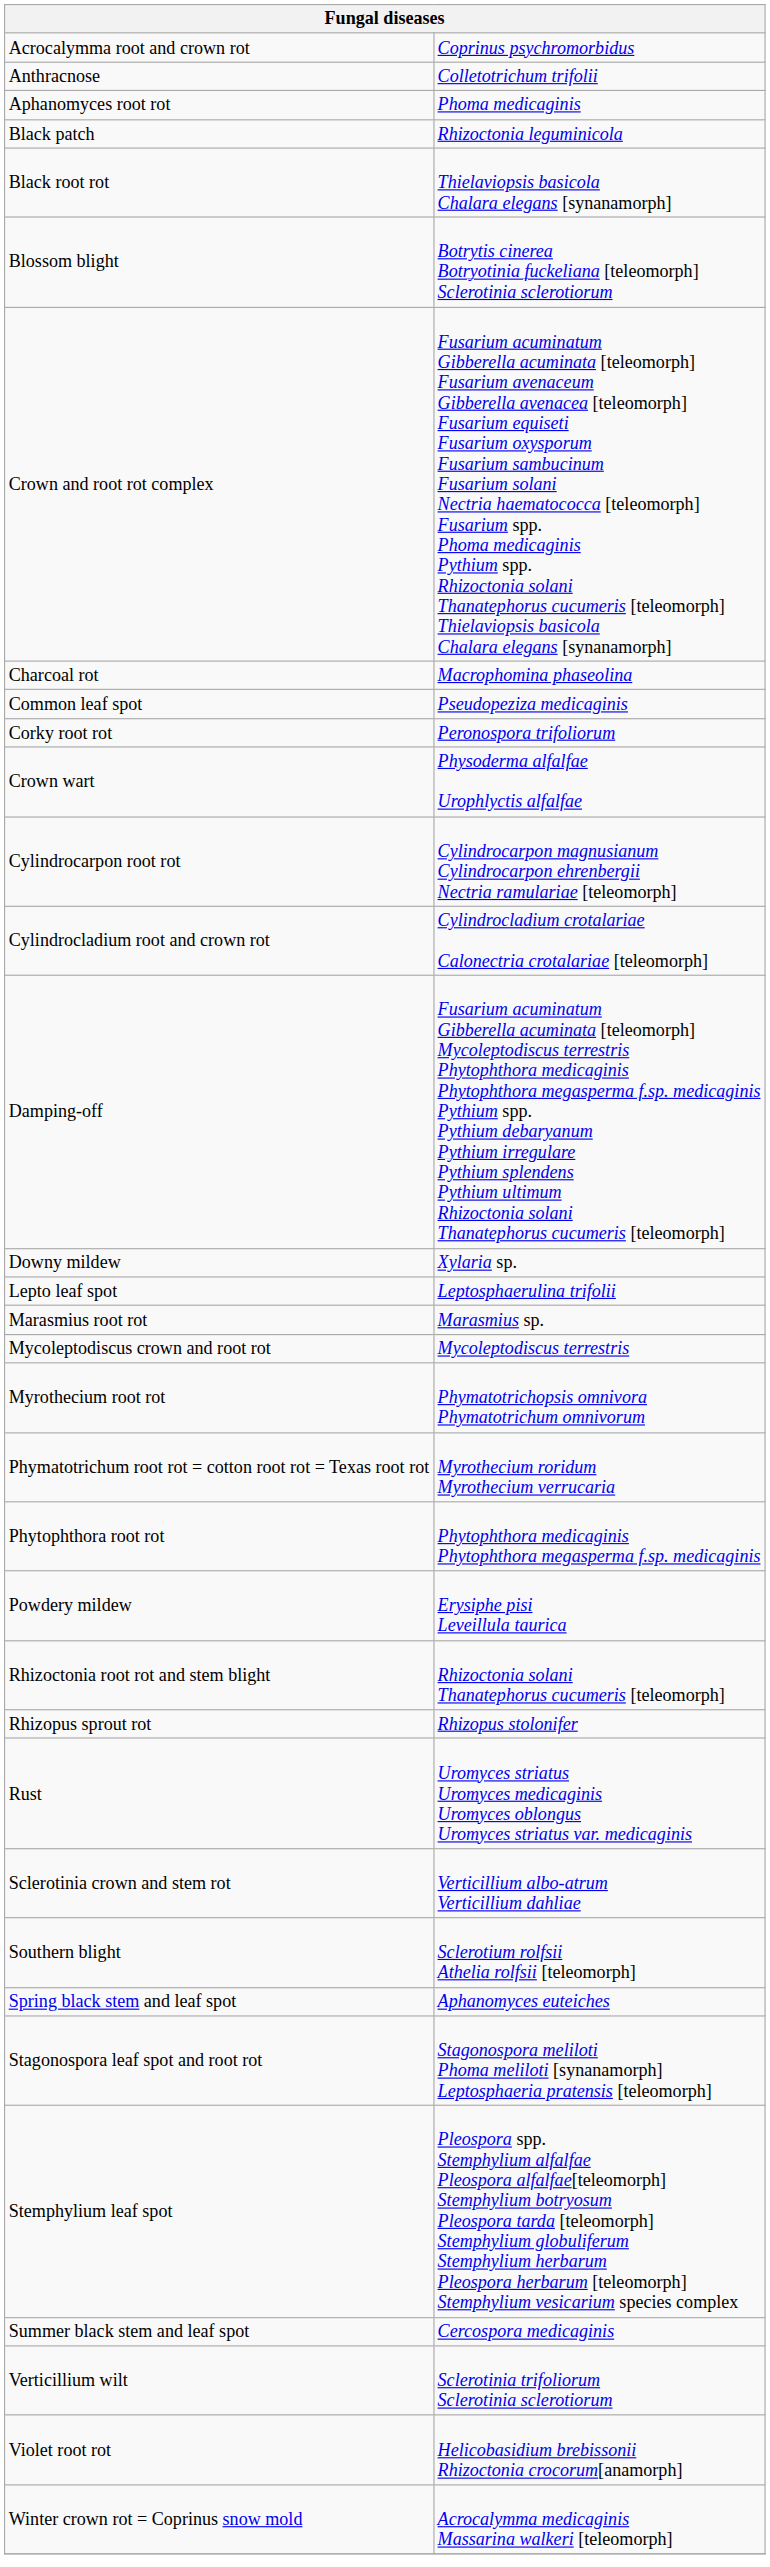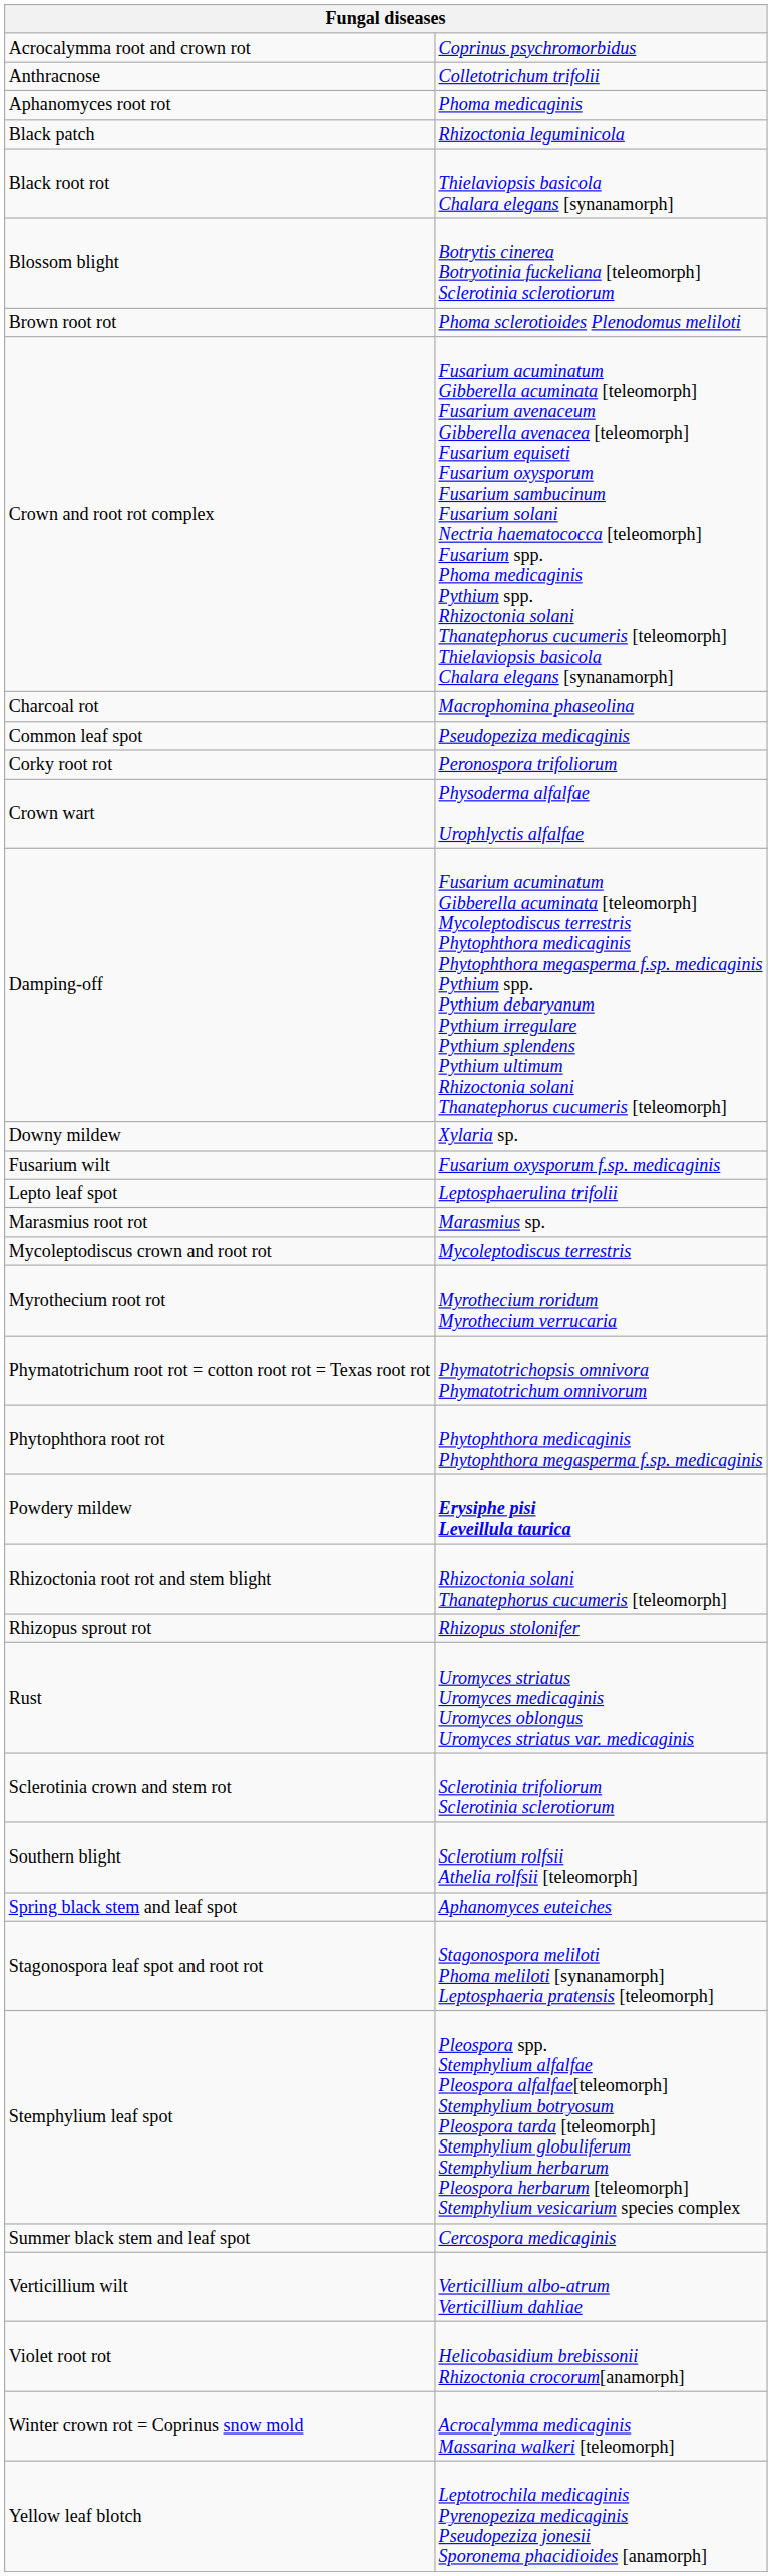 <table class="wikitable" style="clear">
 <tr>
 <th colspan=2><strong>Fungal diseases</strong><br></th>
 </tr>
 <tr>
 <td>Acrocalymma root and crown rot</td>
 <td><em><a href='#'>Coprinus psychromorbidus</a></em></td>
 </tr>
 <tr>
 <td>Anthracnose</td>
 <td><em><a href='#'>Colletotrichum trifolii</a></em></td>
 </tr>
 <tr>
 <td>Aphanomyces root rot</td>
 <td><em><a href='#'>Phoma medicaginis</a></em></td>
 </tr>
 <tr>
 <td>Black patch</td>
 <td><em><a href='#'>Rhizoctonia leguminicola</a></em></td>
 </tr>
 <tr>
 <td>Black root rot</td>
 <td><br><em><a href='#'>Thielaviopsis basicola</a></em><br> <em><a href='#'>Chalara elegans</a></em> [synanamorph]</td>
 </tr>
 <tr>
 <td>Blossom blight</td>
 <td><br><em><a href='#'>Botrytis cinerea</a></em> <br> <em><a href='#'>Botryotinia fuckeliana</a></em> [teleomorph] <br> <em><a href='#'>Sclerotinia sclerotiorum</a></em></td>
 </tr>
 <tr>
+<td>Brown root rot</td>
+<td><em><a href='#'>Phoma sclerotioides</a></em>  <em><a href='#'>Plenodomus meliloti</a></em></td>
+</tr>
+<tr>
 <td>Crown and root rot complex</td>
 <td><br><em><a href='#'>Fusarium acuminatum</a></em><br> <em><a href='#'>Gibberella acuminata</a></em> [teleomorph] <br> <em><a href='#'>Fusarium avenaceum</a></em><br> <em><a href='#'>Gibberella avenacea</a></em> [teleomorph] <br> <em><a href='#'>Fusarium equiseti</a></em><br> <em><a href='#'>Fusarium oxysporum</a></em><br> <em><a href='#'>Fusarium sambucinum</a></em> <br> <em><a href='#'>Fusarium solani</a></em><br> <em><a href='#'>Nectria haematococca</a></em> [teleomorph]<br>  <em><a href='#'>Fusarium</a></em> spp. <br> <em><a href='#'>Phoma medicaginis</a></em><br> <em><a href='#'>Pythium</a></em> spp. <br> <em><a href='#'>Rhizoctonia solani</a></em><br> <em><a href='#'>Thanatephorus cucumeris</a></em> [teleomorph] <br> <em><a href='#'>Thielaviopsis basicola</a></em><br> <em><a href='#'>Chalara elegans</a></em> [synanamorph]</td>
 </tr>
 <tr>
 <td>Charcoal rot</td>
 <td><em><a href='#'>Macrophomina phaseolina</a></em></td>
 </tr>
 <tr>
 <td>Common leaf spot</td>
 <td><em><a href='#'>Pseudopeziza medicaginis</a></em></td>
 </tr>
 <tr>
 <td>Corky root rot</td>
 <td><em><a href='#'>Peronospora trifoliorum</a></em></td>
 </tr>
 <tr>
 <td>Crown wart</td>
 <td><em><a href='#'>Physoderma alfalfae</a></em> <br><br> <em><a href='#'>Urophlyctis alfalfae</a></em></td>
 </tr>
 <tr>
-<td>Cylindrocarpon root rot</td>
-<td><br><em><a href='#'>Cylindrocarpon magnusianum</a></em> <br>  <em><a href='#'>Cylindrocarpon ehrenbergii</a></em><br> <em><a href='#'>Nectria ramulariae</a></em> [teleomorph]</td>
-</tr>
-<tr>
-<td>Cylindrocladium root and crown rot</td>
-<td><em><a href='#'>Cylindrocladium crotalariae</a></em><br><br><em><a href='#'>Calonectria crotalariae</a></em> [teleomorph]</td>
-</tr>
-<tr>
 <td>Damping-off</td>
 <td><br><em><a href='#'>Fusarium acuminatum</a></em><br> <em><a href='#'>Gibberella acuminata</a></em> [teleomorph] <br> <em><a href='#'>Mycoleptodiscus terrestris</a></em><br> <em><a href='#'>Phytophthora medicaginis</a></em><br> <em><a href='#'>Phytophthora megasperma f.sp. medicaginis</a></em><br> <em><a href='#'>Pythium</a></em> spp. <br> <em><a href='#'>Pythium debaryanum</a></em><br> <em><a href='#'>Pythium irregulare</a></em><br> <em><a href='#'>Pythium splendens</a></em><br> <em><a href='#'>Pythium ultimum</a></em><br> <em><a href='#'>Rhizoctonia solani</a></em><br> <em><a href='#'>Thanatephorus cucumeris</a></em> [teleomorph]</td>
 </tr>
 <tr>
 <td>Downy mildew</td>
 <td><em><a href='#'>Xylaria</a></em> sp.</td>
+</tr>
+<tr>
+<td>Fusarium wilt</td>
+<td><em><a href='#'>Fusarium oxysporum f.sp. medicaginis</a></em></td>
 </tr>
 <tr>
 <td>Lepto leaf spot</td>
 <td><em><a href='#'>Leptosphaerulina trifolii</a></em></td>
 </tr>
 <tr>
 <td>Marasmius root rot</td>
 <td><em><a href='#'>Marasmius</a></em> sp.</td>
 </tr>
 <tr>
 <td>Mycoleptodiscus crown and root rot</td>
 <td><em><a href='#'>Mycoleptodiscus terrestris</a></em></td>
 </tr>
 <tr>
 <td>Myrothecium root rot</td>
-<td><br><em><a href='#'>Phymatotrichopsis omnivora</a></em> <br>  <em><a href='#'>Phymatotrichum omnivorum</a></em></td>
+<td><br><em><a href='#'>Myrothecium roridum</a></em><br> <em><a href='#'>Myrothecium verrucaria</a></em></td>
 </tr>
 <tr>
 <td>Phymatotrichum root rot = cotton root rot = Texas root rot</td>
-<td><br><em><a href='#'>Myrothecium roridum</a></em><br> <em><a href='#'>Myrothecium verrucaria</a></em></td>
+<td><br><em><a href='#'>Phymatotrichopsis omnivora</a></em> <br>  <em><a href='#'>Phymatotrichum omnivorum</a></em></td>
 </tr>
 <tr>
 <td>Phytophthora root rot</td>
 <td><br><em><a href='#'>Phytophthora medicaginis</a></em><br> <em><a href='#'>Phytophthora megasperma f.sp. medicaginis</a></em></td>
 </tr>
 <tr>
 <td>Powdery mildew</td>
-<td><br><em><a href='#'>Erysiphe pisi</a></em><br> <em><a href='#'>Leveillula taurica</a></em></td>
+<td><strong><br><em><a href='#'>Erysiphe pisi</a></em><br> <em><a href='#'>Leveillula taurica</a></em></strong></td>
 </tr>
 <tr>
 <td>Rhizoctonia root rot and stem blight</td>
 <td><br><em><a href='#'>Rhizoctonia solani</a></em><br> <em><a href='#'>Thanatephorus cucumeris</a></em> [teleomorph]</td>
 </tr>
 <tr>
 <td>Rhizopus sprout rot</td>
 <td><em><a href='#'>Rhizopus stolonifer</a></em></td>
 </tr>
 <tr>
 <td>Rust</td>
 <td><br><em><a href='#'>Uromyces striatus</a></em> <br>  <em><a href='#'>Uromyces medicaginis</a></em> <br>  <em><a href='#'>Uromyces oblongus</a></em> <br>  <em><a href='#'>Uromyces striatus var. medicaginis</a></em></td>
 </tr>
 <tr>
 <td>Sclerotinia crown and stem rot</td>
-<td><br><em><a href='#'>Verticillium albo-atrum</a></em><br> <em><a href='#'>Verticillium dahliae</a></em></td>
+<td><br><em><a href='#'>Sclerotinia trifoliorum</a></em><br> <em><a href='#'>Sclerotinia sclerotiorum</a></em></td>
 </tr>
 <tr>
 <td>Southern blight</td>
 <td><br><em><a href='#'>Sclerotium rolfsii</a></em><br> <em><a href='#'>Athelia rolfsii</a></em> [teleomorph]</td>
 </tr>
 <tr>
 <td><a href='#'>Spring black stem</a> and leaf spot</td>
 <td><em><a href='#'>Aphanomyces euteiches</a></em></td>
 </tr>
 <tr>
 <td>Stagonospora leaf spot and root rot</td>
 <td><br><em><a href='#'>Stagonospora meliloti</a></em><br> <em><a href='#'>Phoma meliloti</a></em> [synanamorph] <br> <em><a href='#'>Leptosphaeria pratensis</a></em> [teleomorph]</td>
 </tr>
 <tr>
 <td>Stemphylium leaf spot</td>
 <td><br><em><a href='#'>Pleospora</a></em> spp. <br> <em><a href='#'>Stemphylium alfalfae</a></em><br> <em><a href='#'>Pleospora alfalfae</a></em>[teleomorph] <br> <em><a href='#'>Stemphylium botryosum</a></em><br> <em><a href='#'>Pleospora tarda</a></em> [teleomorph] <br> <em><a href='#'>Stemphylium globuliferum</a></em><br> <em><a href='#'>Stemphylium herbarum</a></em> <br> <em><a href='#'>Pleospora herbarum</a></em> [teleomorph] <br> <em><a href='#'>Stemphylium vesicarium</a></em> species complex</td>
 </tr>
 <tr>
 <td>Summer black stem and leaf spot</td>
 <td><em><a href='#'>Cercospora medicaginis</a></em></td>
 </tr>
 <tr>
 <td>Verticillium wilt</td>
-<td><br><em><a href='#'>Sclerotinia trifoliorum</a></em><br> <em><a href='#'>Sclerotinia sclerotiorum</a></em></td>
+<td><br><em><a href='#'>Verticillium albo-atrum</a></em><br> <em><a href='#'>Verticillium dahliae</a></em></td>
 </tr>
 <tr>
 <td>Violet root rot</td>
 <td><br><em><a href='#'>Helicobasidium brebissonii</a></em><br> <em><a href='#'>Rhizoctonia crocorum</a></em>[anamorph]</td>
 </tr>
 <tr>
 <td>Winter crown rot = Coprinus <a href='#'>snow mold</a></td>
 <td><br><em><a href='#'>Acrocalymma medicaginis</a></em><br> <em><a href='#'>Massarina walkeri</a></em> [teleomorph]</td>
 </tr>
 <tr>
+<td>Yellow leaf blotch</td>
+<td><br><em><a href='#'>Leptotrochila medicaginis</a></em> <br>  <em><a href='#'>Pyrenopeziza medicaginis</a></em> <br>  <em><a href='#'>Pseudopeziza jonesii</a></em><br> <em><a href='#'>Sporonema phacidioides</a></em> [anamorph]</td>
+</tr>
+<tr>
 </tr>
 </table>
